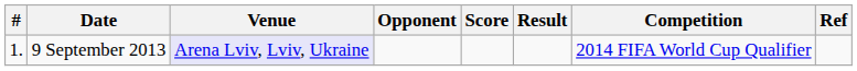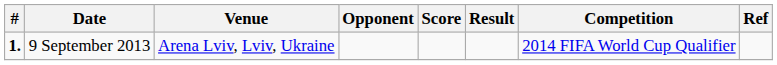 <table class="wikitable" style="font-size:95%;">
 <tr>
 <th>#</th>
 <th>Date</th>
 <th>Venue</th>
 <th>Opponent</th>
 <th>Score</th>
 <th>Result</th>
 <th>Competition</th>
 <th>Ref</th>
 </tr>
 <tr>
-<td>1.</td>
+<td><strong>1.</strong></td>
 <td>9 September 2013</td>
-<td style="background: lavender;"><a href='#'>Arena Lviv</a>, <a href='#'>Lviv</a>, <a href='#'>Ukraine</a></td>
+<td><a href='#'>Arena Lviv</a>, <a href='#'>Lviv</a>, <a href='#'>Ukraine</a></td>
 <td></td>
 <td></td>
 <td></td>
 <td><a href='#'>2014 FIFA World Cup Qualifier</a></td>
 <td></td>
 </tr>
 <tr>
 </tr>
 </table>
